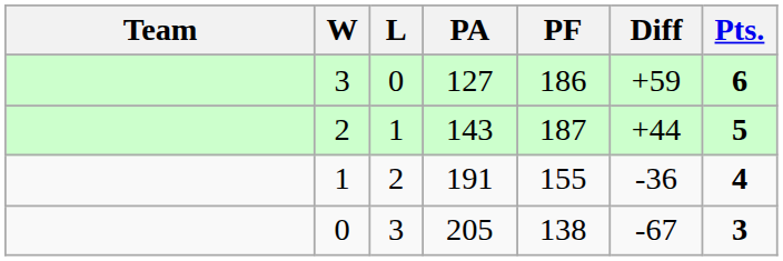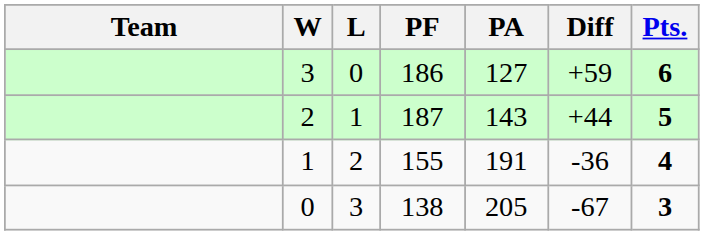 <table class=wikitable>
 <tr align=center>
 <th width=150px>Team</th>
 <th width=20px>W</th>
 <th width=20px>L</th>
+<th width=40px>PF</th>
 <th width=40px>PA</th>
-<th width=40px>PF</th>
 <th width=40px>Diff</th>
 <th width=30px><a href='#'>Pts.</a></th>
 </tr>
 <tr align=center bgcolor="#ccffcc">
 <td align=left></td>
 <td>3</td>
 <td>0</td>
+<td>186</td>
 <td>127</td>
-<td>186</td>
 <td>+59</td>
 <td><strong>6</strong></td>
 </tr>
 <tr align=center bgcolor="#ccffcc">
 <td align=left></td>
 <td>2</td>
 <td>1</td>
+<td>187</td>
 <td>143</td>
-<td>187</td>
 <td>+44</td>
 <td><strong>5</strong></td>
 </tr>
 <tr align=center>
 <td align=left></td>
 <td>1</td>
 <td>2</td>
+<td>155</td>
 <td>191</td>
-<td>155</td>
 <td>-36</td>
 <td><strong>4</strong></td>
 </tr>
 <tr align=center>
 <td align=left></td>
 <td>0</td>
 <td>3</td>
+<td>138</td>
 <td>205</td>
-<td>138</td>
 <td>-67</td>
 <td><strong>3</strong></td>
 </tr>
 </table>
